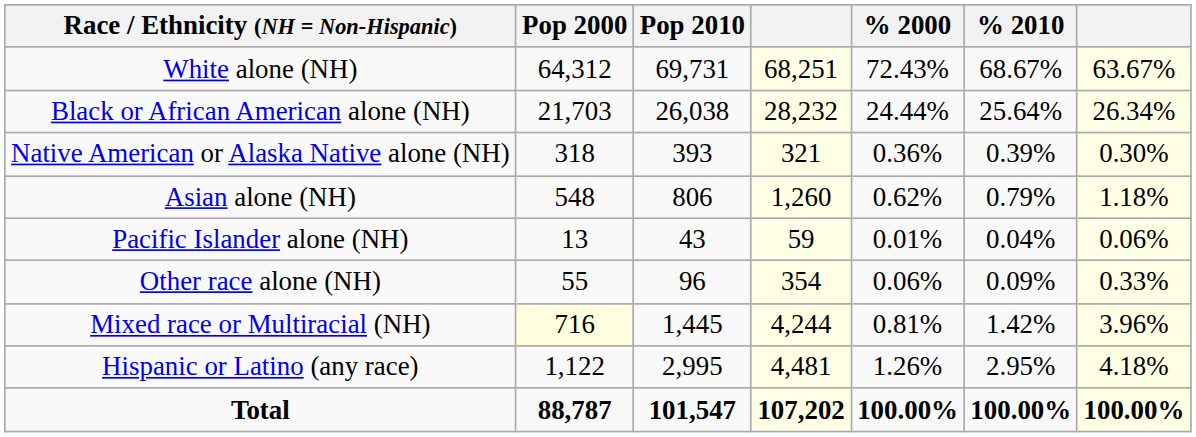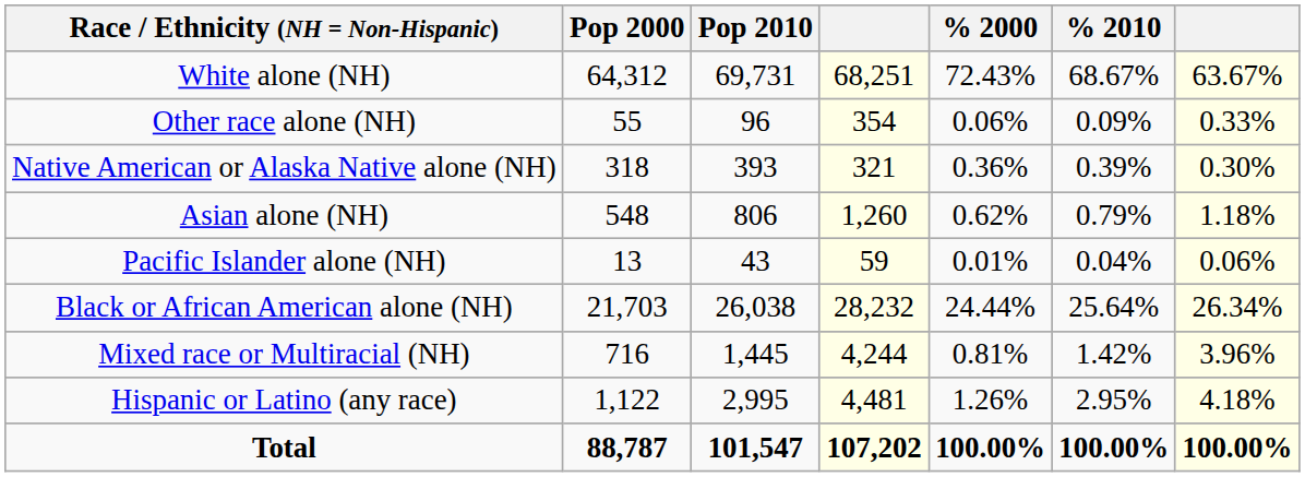 <table class="wikitable" style="text-align:center;">
 <tr>
 <th>Race / Ethnicity <small>(<em>NH = Non-Hispanic</em>)</small></th>
 <th>Pop 2000</th>
 <th>Pop 2010</th>
 <th></th>
 <th>% 2000</th>
 <th>% 2010</th>
 <th></th>
 </tr>
 <tr>
 <td><a href='#'>White</a> alone (NH)</td>
 <td>64,312</td>
 <td>69,731</td>
 <td style='background: #ffffe6;'>68,251</td>
 <td>72.43%</td>
 <td>68.67%</td>
 <td style='background: #ffffe6;'>63.67%</td>
 </tr>
 <tr>
-<td><a href='#'>Black or African American</a> alone (NH)</td>
-<td>21,703</td>
-<td>26,038</td>
-<td style='background: #ffffe6;'>28,232</td>
-<td>24.44%</td>
-<td>25.64%</td>
-<td style='background: #ffffe6;'>26.34%</td>
+<td><a href='#'>Other race</a> alone (NH)</td>
+<td>55</td>
+<td>96</td>
+<td style='background: #ffffe6;'>354</td>
+<td>0.06%</td>
+<td>0.09%</td>
+<td style='background: #ffffe6;'>0.33%</td>
 </tr>
 <tr>
 <td><a href='#'>Native American</a> or <a href='#'>Alaska Native</a> alone (NH)</td>
 <td>318</td>
 <td>393</td>
 <td style='background: #ffffe6;'>321</td>
 <td>0.36%</td>
 <td>0.39%</td>
 <td style='background: #ffffe6;'>0.30%</td>
 </tr>
 <tr>
 <td><a href='#'>Asian</a> alone (NH)</td>
 <td>548</td>
 <td>806</td>
 <td style='background: #ffffe6;'>1,260</td>
 <td>0.62%</td>
 <td>0.79%</td>
 <td style='background: #ffffe6;'>1.18%</td>
 </tr>
 <tr>
 <td><a href='#'>Pacific Islander</a> alone (NH)</td>
 <td>13</td>
 <td>43</td>
 <td style='background: #ffffe6;'>59</td>
 <td>0.01%</td>
 <td>0.04%</td>
 <td style='background: #ffffe6;'>0.06%</td>
 </tr>
 <tr>
-<td><a href='#'>Other race</a> alone (NH)</td>
-<td>55</td>
-<td>96</td>
-<td style='background: #ffffe6;'>354</td>
-<td>0.06%</td>
-<td>0.09%</td>
-<td style='background: #ffffe6;'>0.33%</td>
+<td><a href='#'>Black or African American</a> alone (NH)</td>
+<td>21,703</td>
+<td>26,038</td>
+<td style='background: #ffffe6;'>28,232</td>
+<td>24.44%</td>
+<td>25.64%</td>
+<td style='background: #ffffe6;'>26.34%</td>
 </tr>
 <tr>
 <td><a href='#'>Mixed race or Multiracial</a> (NH)</td>
-<td style="background: lightyellow;">716</td>
+<td>716</td>
 <td>1,445</td>
 <td style='background: #ffffe6;'>4,244</td>
 <td>0.81%</td>
 <td>1.42%</td>
 <td style='background: #ffffe6;'>3.96%</td>
 </tr>
 <tr>
 <td><a href='#'>Hispanic or Latino</a> (any race)</td>
 <td>1,122</td>
 <td>2,995</td>
 <td style='background: #ffffe6;'>4,481</td>
 <td>1.26%</td>
 <td>2.95%</td>
 <td style='background: #ffffe6;'>4.18%</td>
 </tr>
 <tr>
 <td><strong>Total</strong></td>
 <td><strong>88,787</strong></td>
 <td><strong>101,547</strong></td>
 <td style='background: #ffffe6;'><strong>107,202</strong></td>
 <td><strong>100.00%</strong></td>
 <td><strong>100.00%</strong></td>
 <td style='background: #ffffe6;'><strong>100.00%</strong></td>
 </tr>
 </table>
